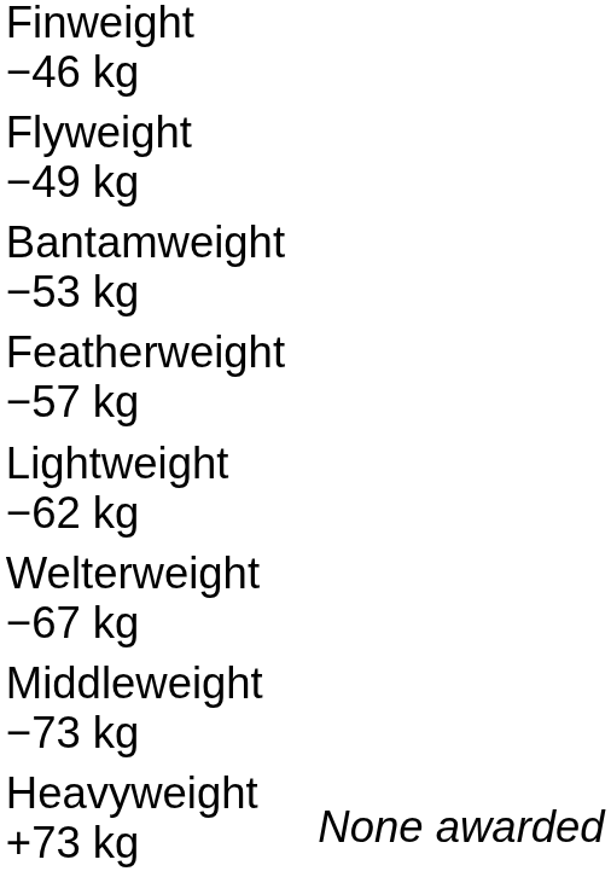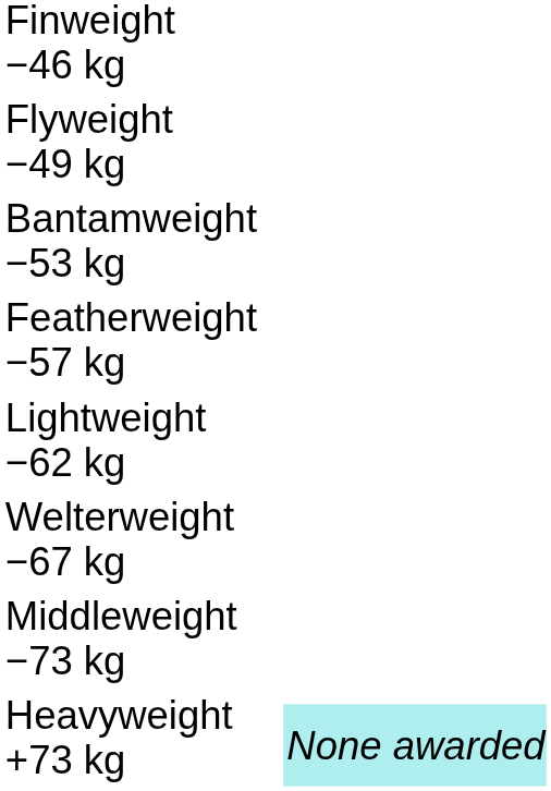 <table>
 <tr>
 <td rowspan=2>Finweight<br>−46 kg</td>
 <td rowspan=2></td>
 <td rowspan=2></td>
 <td></td>
 </tr>
 <tr>
 <td></td>
 </tr>
 <tr>
 <td rowspan=2>Flyweight<br>−49 kg</td>
 <td rowspan=2></td>
 <td rowspan=2></td>
 <td></td>
 </tr>
 <tr>
 <td></td>
 </tr>
 <tr>
 <td rowspan=2>Bantamweight<br>−53 kg</td>
 <td rowspan=2></td>
 <td rowspan=2></td>
 <td></td>
 </tr>
 <tr>
 <td></td>
 </tr>
 <tr>
 <td rowspan=2>Featherweight<br>−57 kg</td>
 <td rowspan=2></td>
 <td rowspan=2></td>
 <td></td>
 </tr>
 <tr>
 <td></td>
 </tr>
 <tr>
 <td rowspan=2>Lightweight<br>−62 kg</td>
 <td rowspan=2></td>
 <td rowspan=2></td>
 <td></td>
 </tr>
 <tr>
 <td></td>
 </tr>
 <tr>
 <td rowspan=2>Welterweight<br>−67 kg</td>
 <td rowspan=2></td>
 <td rowspan=2></td>
 <td></td>
 </tr>
 <tr>
 <td></td>
 </tr>
 <tr>
 <td rowspan=2>Middleweight<br>−73 kg</td>
 <td rowspan=2></td>
 <td rowspan=2></td>
 <td></td>
 </tr>
 <tr>
 <td></td>
 </tr>
 <tr>
 <td rowspan=2>Heavyweight<br>+73 kg</td>
 <td rowspan=2></td>
 <td rowspan=2></td>
 <td></td>
 </tr>
 <tr>
-<td><em>None awarded</em></td>
+<td style="background: paleturquoise;"><em>None awarded</em></td>
 </tr>
 </table>
